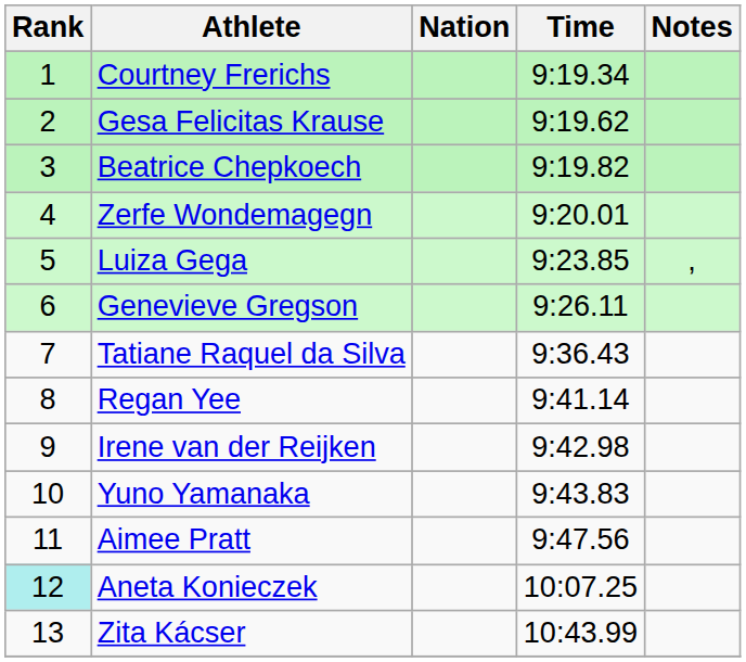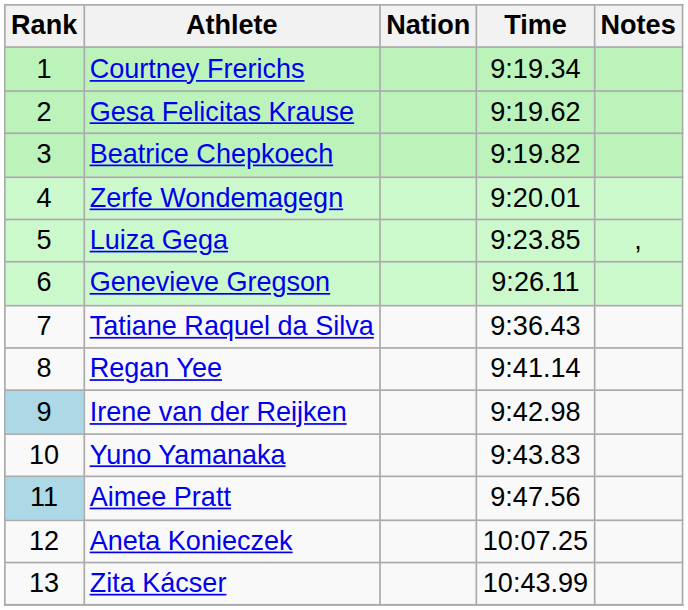 <table class="wikitable sortable" style="text-align:center">
 <tr>
 <th>Rank</th>
 <th>Athlete</th>
 <th>Nation</th>
 <th>Time</th>
 <th>Notes</th>
 </tr>
 <tr style="background:#bbf3bb;">
 <td>1</td>
 <td align=left><a href='#'>Courtney Frerichs</a></td>
 <td align=left></td>
 <td>9:19.34</td>
 <td></td>
 </tr>
 <tr style="background:#bbf3bb;">
 <td>2</td>
 <td align=left><a href='#'>Gesa Felicitas Krause</a></td>
 <td align=left></td>
 <td>9:19.62</td>
 <td></td>
 </tr>
 <tr style="background:#bbf3bb;">
 <td>3</td>
 <td align=left><a href='#'>Beatrice Chepkoech</a></td>
 <td align=left></td>
 <td>9:19.82</td>
 <td></td>
 </tr>
 <tr style="background:#ccf9cc;">
 <td>4</td>
 <td align=left><a href='#'>Zerfe Wondemagegn</a></td>
 <td align=left></td>
 <td>9:20.01</td>
 <td></td>
 </tr>
 <tr style="background:#ccf9cc;">
 <td>5</td>
 <td align=left><a href='#'>Luiza Gega</a></td>
 <td align=left></td>
 <td>9:23.85</td>
 <td>, </td>
 </tr>
 <tr style="background:#ccf9cc;">
 <td>6</td>
 <td align=left><a href='#'>Genevieve Gregson</a></td>
 <td align=left></td>
 <td>9:26.11</td>
 <td></td>
 </tr>
 <tr>
 <td>7</td>
 <td align=left><a href='#'>Tatiane Raquel da Silva</a></td>
 <td align=left></td>
 <td>9:36.43</td>
 <td></td>
 </tr>
 <tr>
 <td>8</td>
 <td align=left><a href='#'>Regan Yee</a></td>
 <td align=left></td>
 <td>9:41.14</td>
 <td></td>
 </tr>
 <tr>
-<td>9</td>
+<td style="background: lightblue;">9</td>
 <td align=left><a href='#'>Irene van der Reijken</a></td>
 <td align=left></td>
 <td>9:42.98</td>
 <td></td>
 </tr>
 <tr>
 <td>10</td>
 <td align=left><a href='#'>Yuno Yamanaka</a></td>
 <td align=left></td>
 <td>9:43.83</td>
 <td></td>
 </tr>
 <tr>
-<td>11</td>
+<td style="background: lightblue;">11</td>
 <td align=left><a href='#'>Aimee Pratt</a></td>
 <td align=left></td>
 <td>9:47.56</td>
 <td></td>
 </tr>
 <tr>
-<td style="background: paleturquoise;">12</td>
+<td>12</td>
 <td align=left><a href='#'>Aneta Konieczek</a></td>
 <td align=left></td>
 <td>10:07.25</td>
 <td></td>
 </tr>
 <tr>
 <td>13</td>
 <td align=left><a href='#'>Zita Kácser</a></td>
 <td align=left></td>
 <td>10:43.99</td>
 <td></td>
 </tr>
 <tr>
 </tr>
 </table>
